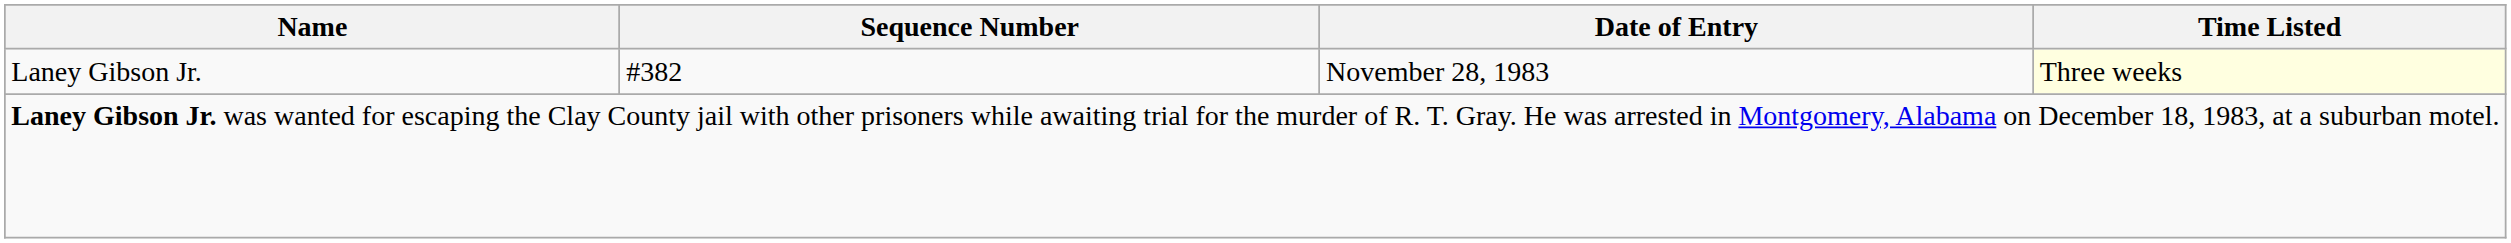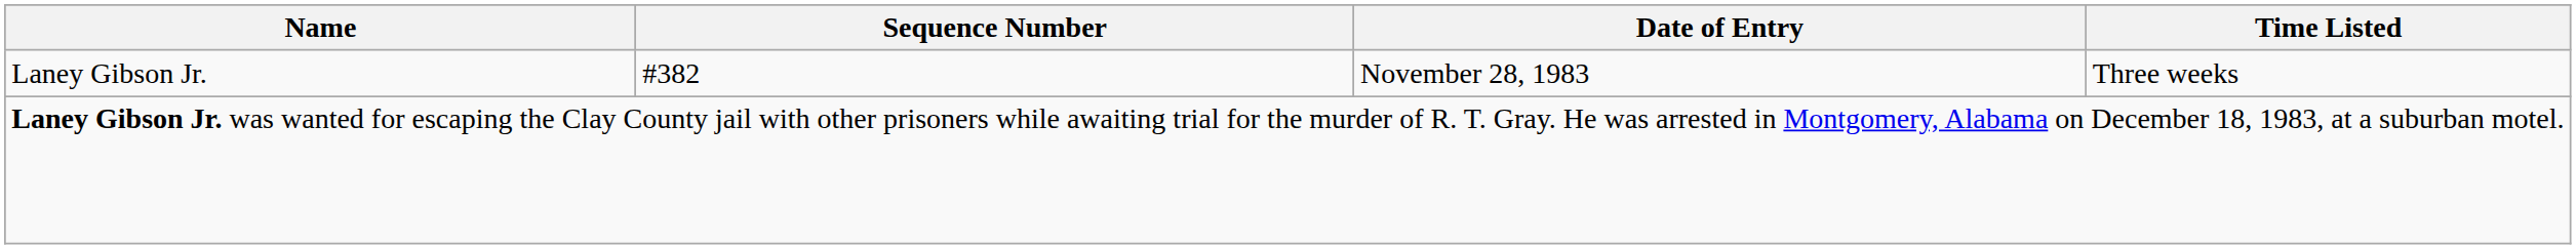 <table class="wikitable">
 <tr>
 <th>Name</th>
 <th>Sequence Number</th>
 <th>Date of Entry</th>
 <th>Time Listed</th>
 </tr>
 <tr>
 <td height="10">Laney Gibson Jr.</td>
 <td>#382</td>
 <td>November 28, 1983</td>
-<td style="background: lightyellow;">Three weeks</td>
+<td>Three weeks</td>
 </tr>
 <tr>
 <td colspan="4" valign="top" height="75"><strong>Laney Gibson Jr.</strong> was wanted for escaping the Clay County jail with other prisoners while awaiting trial for the murder of R. T. Gray. He was arrested in <a href='#'>Montgomery, Alabama</a> on December 18, 1983, at a suburban motel.</td>
 </tr>
 </table>
